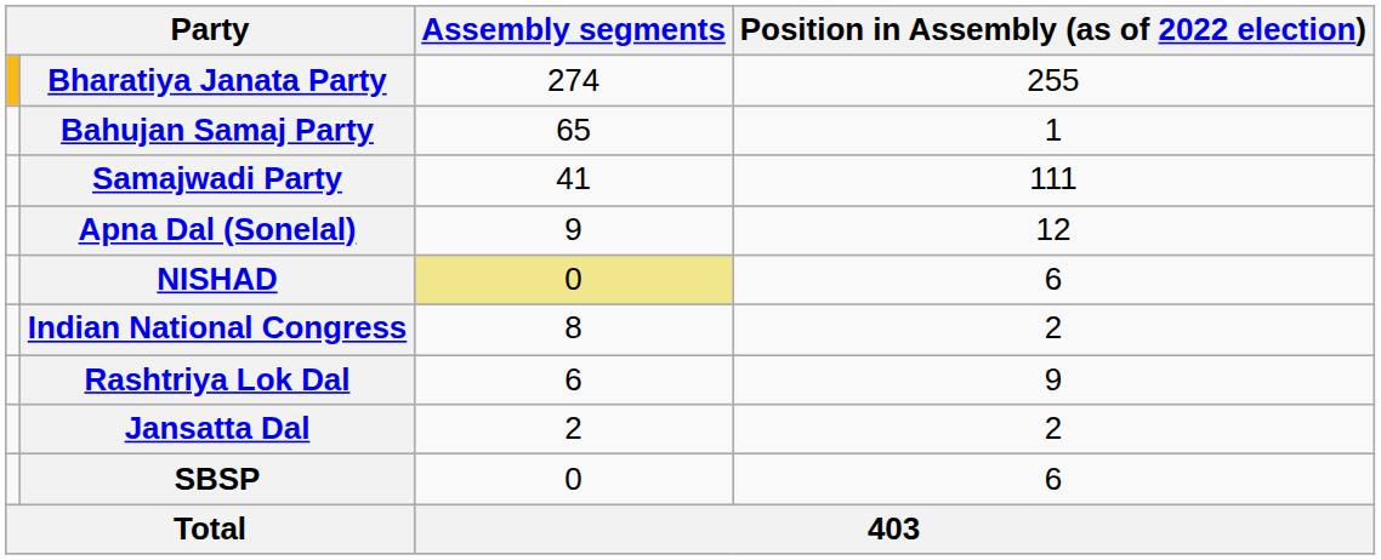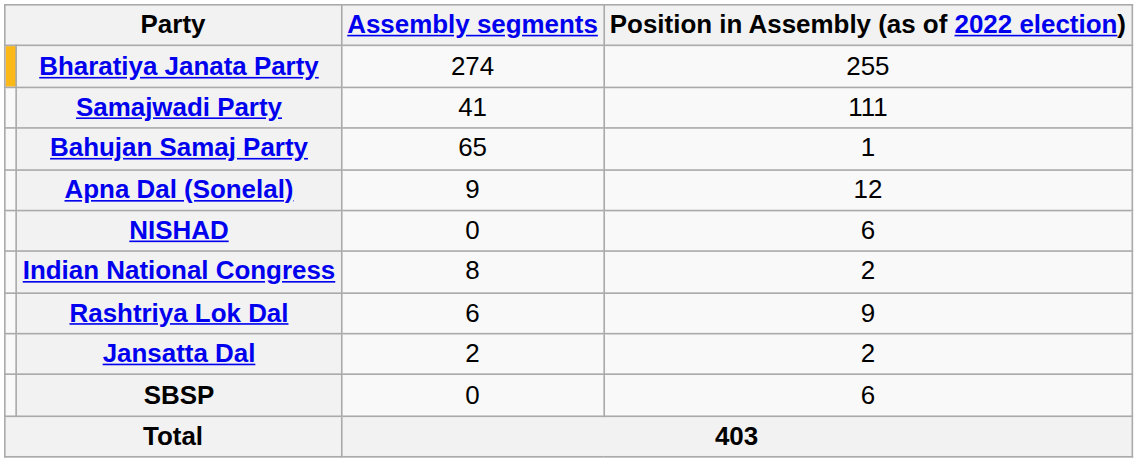 <table class="wikitable" style="text-align:center">
 <tr>
 <th colspan=2>Party</th>
 <th><a href='#'>Assembly segments</a></th>
 <th>Position in Assembly (as of <a href='#'>2022 election</a>)</th>
 </tr>
 <tr>
 <td bgcolor=#FBB917></td>
 <th><a href='#'>Bharatiya Janata Party</a></th>
 <td>274</td>
 <td>255</td>
 </tr>
 <tr>
 <td></td>
+<th><a href='#'>Samajwadi Party</a></th>
+<td>41</td>
+<td>111</td>
+</tr>
+<tr>
+<td></td>
 <th><a href='#'>Bahujan Samaj Party</a></th>
 <td>65</td>
 <td>1</td>
-</tr>
-<tr>
-<td></td>
-<th><a href='#'>Samajwadi Party</a></th>
-<td>41</td>
-<td>111</td>
 </tr>
 <tr>
 <td></td>
 <th><a href='#'>Apna Dal (Sonelal)</a></th>
 <td>9</td>
 <td>12</td>
 </tr>
 <tr>
 <td></td>
 <th><a href='#'>NISHAD</a></th>
-<td style="background: khaki;">0</td>
+<td>0</td>
 <td>6</td>
 </tr>
 <tr>
 <td></td>
 <th><a href='#'>Indian National Congress</a></th>
 <td>8</td>
 <td>2</td>
 </tr>
 <tr>
 <td></td>
 <th><a href='#'>Rashtriya Lok Dal</a></th>
 <td>6</td>
 <td>9</td>
 </tr>
 <tr>
 <td></td>
 <th><a href='#'>Jansatta Dal</a></th>
 <td>2</td>
 <td>2</td>
 </tr>
 <tr>
 <td></td>
 <th Suheldev Bharatiya samaj Party>SBSP</th>
 <td>0</td>
 <td>6</td>
 </tr>
 <tr>
 <th colspan=2>Total</th>
 <th colspan=2>403</th>
 </tr>
 </table>
